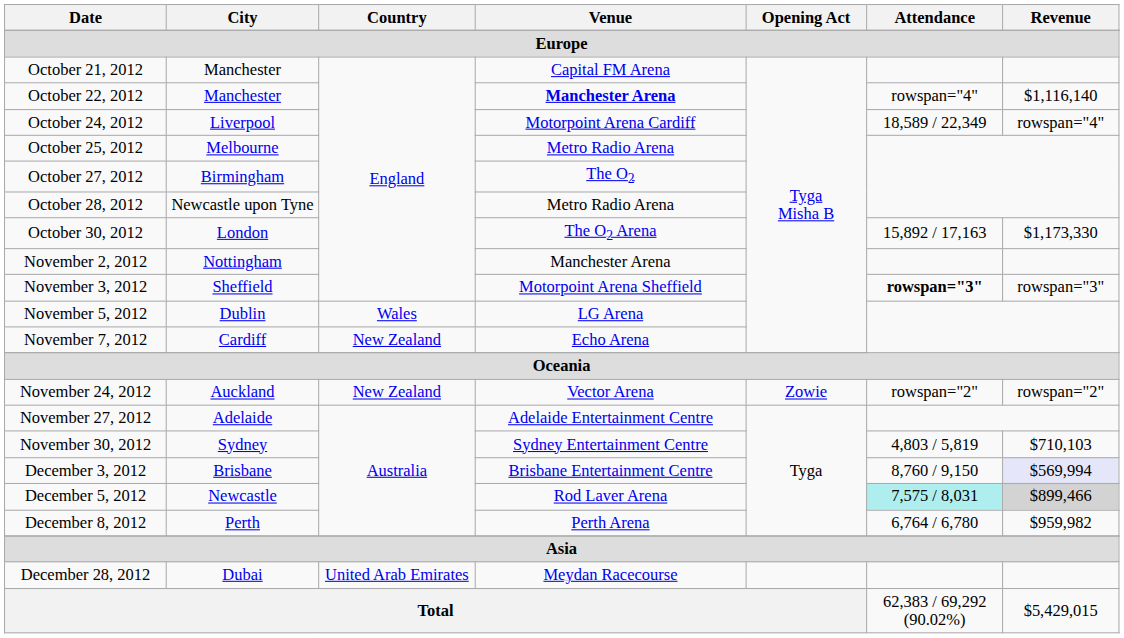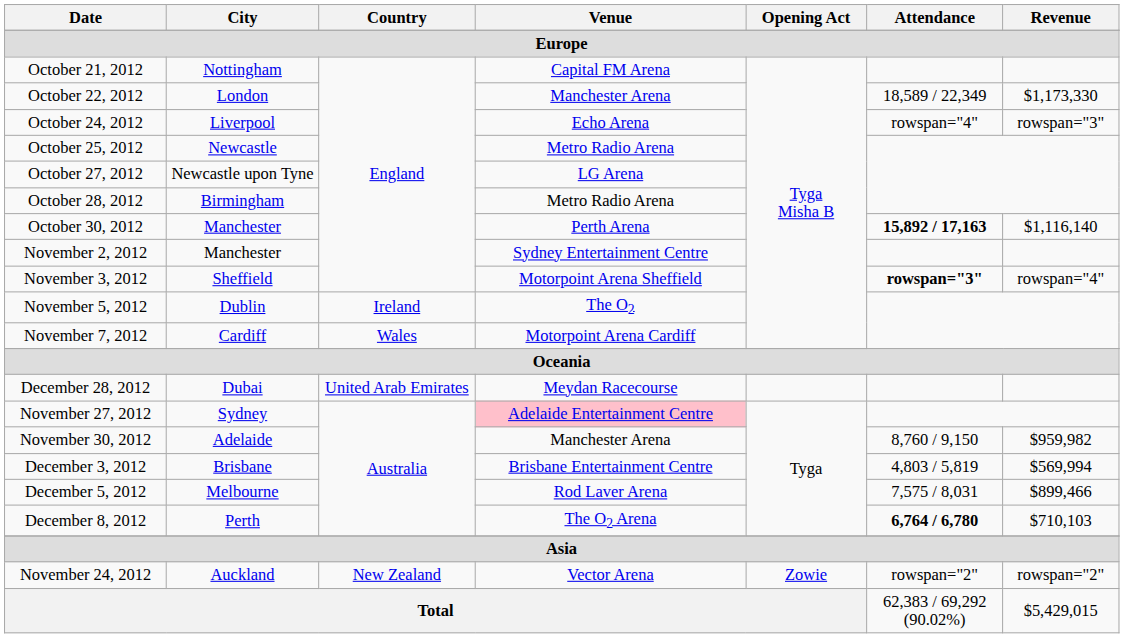 <table class="wikitable" style="text-align:center;">
 <tr>
 <th width="150">Date</th>
 <th width="140">City</th>
 <th width="145">Country</th>
 <th width="255">Venue</th>
 <th width="110">Opening Act</th>
 <th width="125">Attendance</th>
 <th width="105">Revenue</th>
 </tr>
 <tr>
 </tr>
 <tr>
 </tr>
 <tr style="background:#ddd;">
 <td colspan="7"><strong>Europe</strong></td>
 </tr>
 <tr>
 <td>October 21, 2012</td>
-<td>Manchester</td>
+<td><a href='#'>Nottingham</a></td>
 <td rowspan="9"><a href='#'>England</a></td>
 <td><a href='#'>Capital FM Arena</a></td>
 <td rowspan="11"><a href='#'>Tyga</a><br><a href='#'>Misha B</a></td>
 <td></td>
 <td></td>
 </tr>
 <tr>
 <td>October 22, 2012</td>
-<td><a href='#'>Manchester</a></td>
-<td><strong><a href='#'>Manchester Arena</a></strong></td>
-<td>rowspan="4" </td>
-<td>$1,116,140</td>
+<td><a href='#'>London</a></td>
+<td><a href='#'>Manchester Arena</a></td>
+<td>18,589 / 22,349</td>
+<td>$1,173,330</td>
 </tr>
 <tr>
 <td>October 24, 2012</td>
 <td><a href='#'>Liverpool</a></td>
-<td><a href='#'>Motorpoint Arena Cardiff</a></td>
-<td>18,589 / 22,349</td>
+<td><a href='#'>Echo Arena</a></td>
 <td>rowspan="4" </td>
+<td>rowspan="3" </td>
 </tr>
 <tr>
 <td>October 25, 2012</td>
-<td><a href='#'>Melbourne</a></td>
+<td><a href='#'>Newcastle</a></td>
 <td><a href='#'>Metro Radio Arena</a></td>
 </tr>
 <tr>
 <td>October 27, 2012</td>
-<td><a href='#'>Birmingham</a></td>
-<td><a href='#'>The O<sub>2</sub></a></td>
+<td>Newcastle upon Tyne</td>
+<td><a href='#'>LG Arena</a></td>
 </tr>
 <tr>
 <td>October 28, 2012</td>
-<td>Newcastle upon Tyne</td>
+<td><a href='#'>Birmingham</a></td>
 <td>Metro Radio Arena</td>
 </tr>
 <tr>
 <td>October 30, 2012</td>
-<td><a href='#'>London</a></td>
-<td><a href='#'>The O<sub>2</sub> Arena</a></td>
-<td>15,892 / 17,163</td>
-<td>$1,173,330</td>
+<td><a href='#'>Manchester</a></td>
+<td><a href='#'>Perth Arena</a></td>
+<td><strong>15,892 / 17,163</strong></td>
+<td>$1,116,140</td>
 </tr>
 <tr>
 <td>November 2, 2012</td>
-<td><a href='#'>Nottingham</a></td>
-<td>Manchester Arena</td>
+<td>Manchester</td>
+<td><a href='#'>Sydney Entertainment Centre</a></td>
 <td></td>
 <td></td>
 </tr>
 <tr>
 <td>November 3, 2012</td>
 <td><a href='#'>Sheffield</a></td>
 <td><a href='#'>Motorpoint Arena Sheffield</a></td>
 <td><strong>rowspan="3" </strong></td>
-<td>rowspan="3" </td>
+<td>rowspan="4" </td>
 </tr>
 <tr>
 <td>November 5, 2012</td>
 <td><a href='#'>Dublin</a></td>
-<td><a href='#'>Wales</a></td>
-<td><a href='#'>LG Arena</a></td>
+<td><a href='#'>Ireland</a></td>
+<td><a href='#'>The O<sub>2</sub></a></td>
 </tr>
 <tr>
 <td>November 7, 2012</td>
 <td><a href='#'>Cardiff</a></td>
-<td><a href='#'>New Zealand</a></td>
-<td><a href='#'>Echo Arena</a></td>
+<td><a href='#'>Wales</a></td>
+<td><a href='#'>Motorpoint Arena Cardiff</a></td>
 </tr>
 <tr>
 </tr>
 <tr style="background:#ddd;">
 <td colspan="7"><strong>Oceania</strong></td>
+</tr>
+<tr>
+<td>December 28, 2012</td>
+<td><a href='#'>Dubai</a></td>
+<td><a href='#'>United Arab Emirates</a></td>
+<td><a href='#'>Meydan Racecourse</a></td>
+<td></td>
+<td></td>
+<td></td>
+</tr>
+<tr>
+<td>November 27, 2012</td>
+<td><a href='#'>Sydney</a></td>
+<td rowspan="5"><a href='#'>Australia</a></td>
+<td style="background: pink;"><a href='#'>Adelaide Entertainment Centre</a></td>
+<td rowspan="5">Tyga</td>
+</tr>
+<tr>
+<td>November 30, 2012</td>
+<td><a href='#'>Adelaide</a></td>
+<td>Manchester Arena</td>
+<td>8,760 / 9,150</td>
+<td>$959,982</td>
+</tr>
+<tr>
+<td>December 3, 2012</td>
+<td><a href='#'>Brisbane</a></td>
+<td><a href='#'>Brisbane Entertainment Centre</a></td>
+<td>4,803 / 5,819</td>
+<td>$569,994</td>
+</tr>
+<tr>
+<td>December 5, 2012</td>
+<td><a href='#'>Melbourne</a></td>
+<td><a href='#'>Rod Laver Arena</a></td>
+<td>7,575 / 8,031</td>
+<td>$899,466</td>
+</tr>
+<tr>
+<td>December 8, 2012</td>
+<td><a href='#'>Perth</a></td>
+<td><a href='#'>The O<sub>2</sub> Arena</a></td>
+<td><strong>6,764 / 6,780</strong></td>
+<td>$710,103</td>
+</tr>
+<tr>
+</tr>
+<tr style="background:#ddd;">
+<td colspan="7"><strong>Asia</strong></td>
 </tr>
 <tr>
 <td>November 24, 2012</td>
 <td><a href='#'>Auckland</a></td>
 <td><a href='#'>New Zealand</a></td>
 <td><a href='#'>Vector Arena</a></td>
 <td><a href='#'>Zowie</a></td>
 <td>rowspan="2" </td>
 <td>rowspan="2" </td>
 </tr>
 <tr>
-<td>November 27, 2012</td>
-<td><a href='#'>Adelaide</a></td>
-<td rowspan="5"><a href='#'>Australia</a></td>
-<td><a href='#'>Adelaide Entertainment Centre</a></td>
-<td rowspan="5">Tyga</td>
-</tr>
-<tr>
-<td>November 30, 2012</td>
-<td><a href='#'>Sydney</a></td>
-<td><a href='#'>Sydney Entertainment Centre</a></td>
-<td>4,803 / 5,819</td>
-<td>$710,103</td>
-</tr>
-<tr>
-<td>December 3, 2012</td>
-<td><a href='#'>Brisbane</a></td>
-<td><a href='#'>Brisbane Entertainment Centre</a></td>
-<td>8,760 / 9,150</td>
-<td style="background: lavender;">$569,994</td>
-</tr>
-<tr>
-<td>December 5, 2012</td>
-<td><a href='#'>Newcastle</a></td>
-<td><a href='#'>Rod Laver Arena</a></td>
-<td style="background: paleturquoise;">7,575 / 8,031</td>
-<td style="background: lightgrey;">$899,466</td>
-</tr>
-<tr>
-<td>December 8, 2012</td>
-<td><a href='#'>Perth</a></td>
-<td><a href='#'>Perth Arena</a></td>
-<td>6,764 / 6,780</td>
-<td>$959,982</td>
-</tr>
-<tr>
-</tr>
-<tr style="background:#ddd;">
-<td colspan="7"><strong>Asia</strong></td>
-</tr>
-<tr>
-<td>December 28, 2012</td>
-<td><a href='#'>Dubai</a></td>
-<td><a href='#'>United Arab Emirates</a></td>
-<td><a href='#'>Meydan Racecourse</a></td>
-<td></td>
-<td></td>
-<td></td>
-</tr>
-<tr>
 <th colspan="5">Total</th>
 <td>62,383 / 69,292 (90.02%)</td>
 <td>$5,429,015</td>
 </tr>
 </table>
